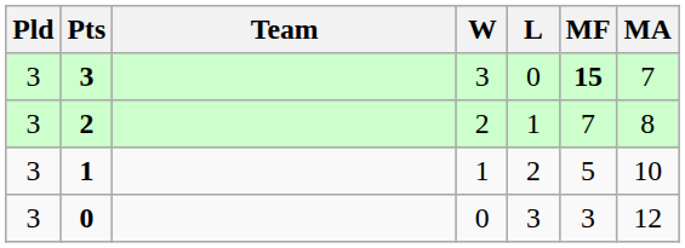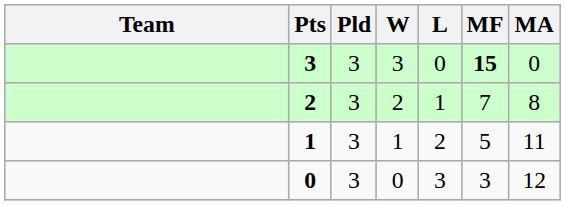 <table class=wikitable style="text-align:center; font-size:95%">
 <tr>
+<th width=175>Team</th>
+<th width=20>Pts</th>
 <th width=20>Pld</th>
-<th width=20>Pts</th>
-<th width=175>Team</th>
 <th width=20>W</th>
 <th width=20>L</th>
 <th width=20>MF</th>
 <th width=20>MA</th>
 </tr>
 <tr bgcolor=ccffcc>
+<td style="text-align:left"></td>
+<td><strong>3</strong></td>
 <td>3</td>
-<td><strong>3</strong></td>
-<td style="text-align:left"></td>
 <td>3</td>
 <td>0</td>
 <td><strong>15</strong></td>
-<td>7</td>
+<td>0</td>
 </tr>
 <tr bgcolor=ccffcc>
+<td style="text-align:left"></td>
+<td><strong>2</strong></td>
 <td>3</td>
-<td><strong>2</strong></td>
-<td style="text-align:left"></td>
 <td>2</td>
 <td>1</td>
 <td>7</td>
 <td>8</td>
 </tr>
 <tr>
+<td style="text-align:left"></td>
+<td><strong>1</strong></td>
 <td>3</td>
-<td><strong>1</strong></td>
-<td style="text-align:left"></td>
 <td>1</td>
 <td>2</td>
 <td>5</td>
-<td>10</td>
+<td>11</td>
 </tr>
 <tr>
+<td style="text-align:left"></td>
+<td><strong>0</strong></td>
 <td>3</td>
-<td><strong>0</strong></td>
-<td style="text-align:left"></td>
 <td>0</td>
 <td>3</td>
 <td>3</td>
 <td>12</td>
 </tr>
 </table>
